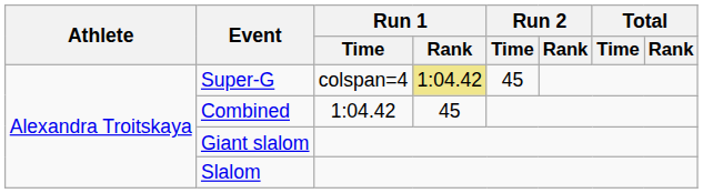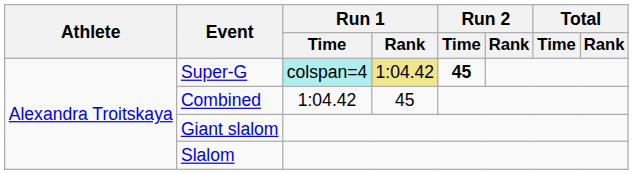 <table class="wikitable" style="font-size:90%">
 <tr>
 <th rowspan=2>Athlete</th>
 <th rowspan=2>Event</th>
 <th colspan=2>Run 1</th>
 <th colspan=2>Run 2</th>
 <th colspan=2>Total</th>
 </tr>
 <tr style="font-size:95%">
 <th>Time</th>
 <th>Rank</th>
 <th>Time</th>
 <th>Rank</th>
 <th>Time</th>
 <th>Rank</th>
 </tr>
 <tr align=center>
 <td align="left" rowspan="4"><a href='#'>Alexandra Troitskaya</a></td>
 <td align="left"><a href='#'>Super-G</a></td>
-<td>colspan=4</td>
+<td style="background: paleturquoise;">colspan=4</td>
 <td style="background: khaki;">1:04.42</td>
-<td>45</td>
+<td><strong>45</strong></td>
 </tr>
 <tr align=center>
 <td align="left"><a href='#'>Combined</a></td>
 <td>1:04.42</td>
 <td>45</td>
 <td colspan=4></td>
 </tr>
 <tr align=center>
 <td align="left"><a href='#'>Giant slalom</a></td>
 <td colspan=6></td>
 </tr>
 <tr align=center>
 <td align="left"><a href='#'>Slalom</a></td>
 <td colspan=6></td>
 </tr>
 </table>
